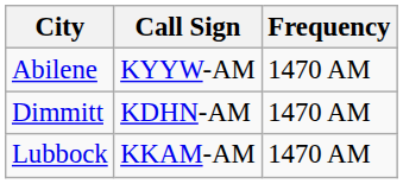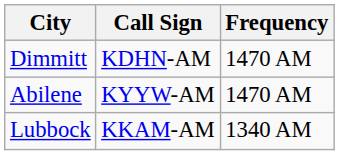 <table class="wikitable">
 <tr>
 <th>City</th>
 <th>Call Sign</th>
 <th>Frequency</th>
 </tr>
 <tr>
+<td><a href='#'>Dimmitt</a></td>
+<td><a href='#'>KDHN</a>-AM</td>
+<td>1470 AM</td>
+</tr>
+<tr>
 <td><a href='#'>Abilene</a></td>
 <td><a href='#'>KYYW</a>-AM</td>
 <td>1470 AM</td>
 </tr>
 <tr>
-<td><a href='#'>Dimmitt</a></td>
-<td><a href='#'>KDHN</a>-AM</td>
-<td>1470 AM</td>
-</tr>
-<tr>
 <td><a href='#'>Lubbock</a></td>
 <td><a href='#'>KKAM</a>-AM</td>
-<td>1470 AM</td>
+<td>1340 AM</td>
 </tr>
 </table>
